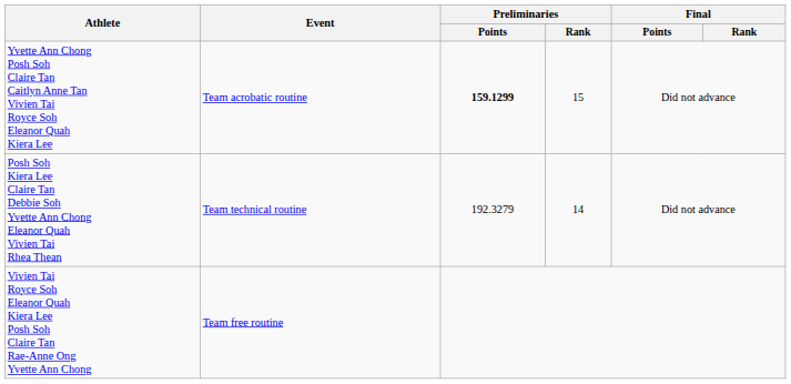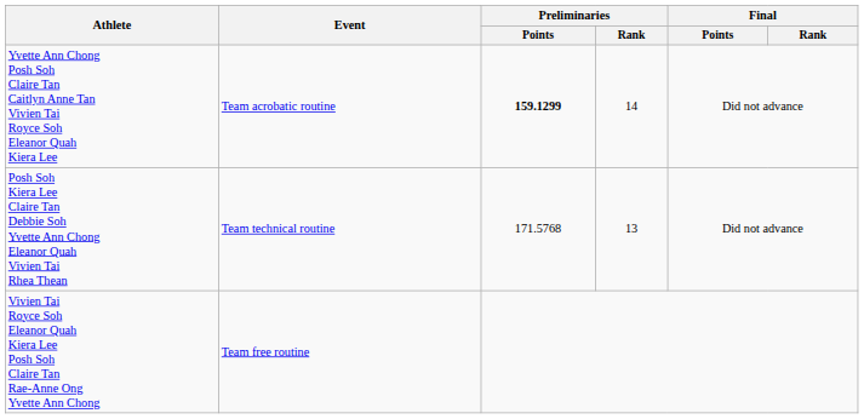 <table class="wikitable" style="text-align:center; font-size:90%; width:50%;">
 <tr>
 <th rowspan="2">Athlete</th>
 <th rowspan="2">Event</th>
 <th colspan="2">Preliminaries</th>
 <th colspan="2">Final</th>
 </tr>
 <tr style="font-size:95%">
 <th>Points</th>
 <th>Rank</th>
 <th>Points</th>
 <th>Rank</th>
 </tr>
 <tr>
 <td align=left><a href='#'>Yvette Ann Chong</a><br> <a href='#'>Posh Soh</a><br> <a href='#'>Claire Tan</a><br> <a href='#'>Caitlyn Anne Tan</a><br> <a href='#'>Vivien Tai</a><br> <a href='#'>Royce Soh</a><br> <a href='#'>Eleanor Quah</a><br> <a href='#'>Kiera Lee</a></td>
 <td align=left><a href='#'>Team acrobatic routine</a></td>
 <td><strong>159.1299</strong></td>
-<td>15</td>
+<td>14</td>
 <td colspan=2>Did not advance</td>
 </tr>
 <tr>
 <td align=left><a href='#'>Posh Soh</a><br> <a href='#'>Kiera Lee</a><br> <a href='#'>Claire Tan</a><br> <a href='#'>Debbie Soh</a><br> <a href='#'>Yvette Ann Chong</a><br> <a href='#'>Eleanor Quah</a><br> <a href='#'>Vivien Tai</a><br> <a href='#'>Rhea Thean</a></td>
 <td align=left><a href='#'>Team technical routine</a></td>
-<td>192.3279</td>
-<td>14</td>
+<td>171.5768</td>
+<td>13</td>
 <td colspan=2>Did not advance</td>
 </tr>
 <tr>
 <td align=left><a href='#'>Vivien Tai</a><br> <a href='#'>Royce Soh</a><br> <a href='#'>Eleanor Quah</a><br> <a href='#'>Kiera Lee</a><br> <a href='#'>Posh Soh</a><br> <a href='#'>Claire Tan</a><br> <a href='#'>Rae-Anne Ong</a><br> <a href='#'>Yvette Ann Chong</a></td>
 <td align=left><a href='#'>Team free routine</a></td>
 <td colspan=4></td>
 </tr>
 </table>
